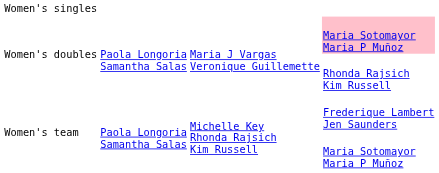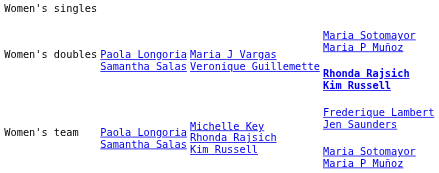 <table>
 <tr>
 <td rowspan=2>Women's singles<br></td>
 <td rowspan=2></td>
 <td rowspan=2></td>
 <td></td>
 </tr>
 <tr>
 <td></td>
 </tr>
 <tr>
 <td rowspan=2>Women's doubles<br></td>
 <td rowspan=2><br><a href='#'>Paola Longoria</a><br><a href='#'>Samantha Salas</a></td>
 <td rowspan=2><br><a href='#'>Maria J Vargas</a><br><a href='#'>Veronique Guillemette</a></td>
-<td style="background: pink;"><br><a href='#'>Maria Sotomayor</a><br><a href='#'>Maria P Muñoz</a></td>
+<td><br><a href='#'>Maria Sotomayor</a><br><a href='#'>Maria P Muñoz</a></td>
 </tr>
 <tr>
-<td><br><a href='#'>Rhonda Rajsich</a><br><a href='#'>Kim Russell</a></td>
+<td><strong><br><a href='#'>Rhonda Rajsich</a><br><a href='#'>Kim Russell</a></strong></td>
 </tr>
 <tr>
 <td rowspan=2>Women's team<br></td>
 <td rowspan=2><br><a href='#'>Paola Longoria</a><br><a href='#'>Samantha Salas</a></td>
 <td rowspan=2><br><a href='#'>Michelle Key</a><br><a href='#'>Rhonda Rajsich</a><br><a href='#'>Kim Russell</a></td>
 <td><br><a href='#'>Frederique Lambert</a><br><a href='#'>Jen Saunders</a></td>
 </tr>
 <tr>
 <td><br><a href='#'>Maria Sotomayor</a><br><a href='#'>Maria P Muñoz</a></td>
 </tr>
 </table>
